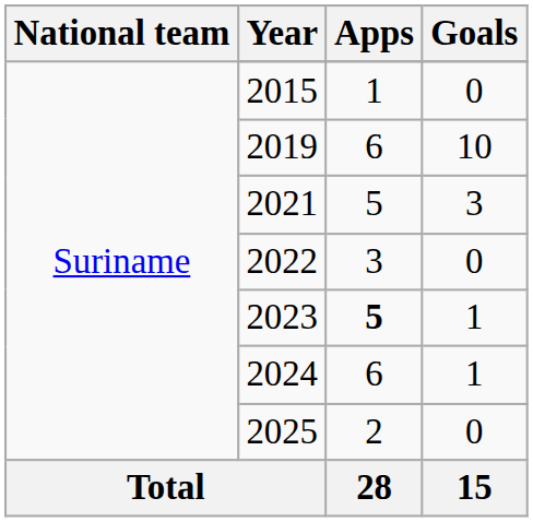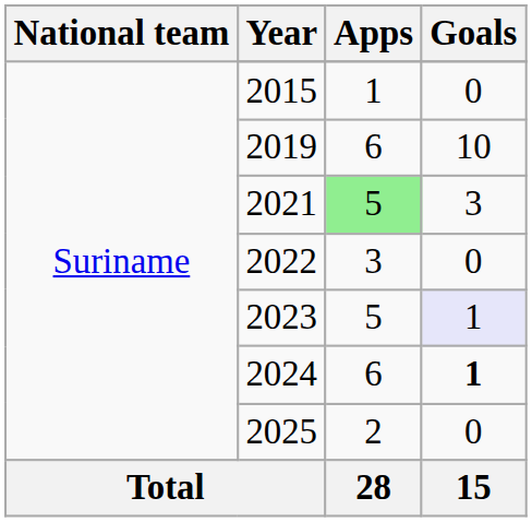 <table class="wikitable" style="text-align:center">
 <tr>
 <th>National team</th>
 <th>Year</th>
 <th>Apps</th>
 <th>Goals</th>
 </tr>
 <tr>
 <td rowspan=8><a href='#'>Suriname</a></td>
 </tr>
 <tr>
 <td>2015</td>
 <td>1</td>
 <td>0</td>
 </tr>
 <tr>
 <td>2019</td>
 <td>6</td>
 <td>10</td>
 </tr>
 <tr>
 <td>2021</td>
-<td>5</td>
+<td style="background: lightgreen;">5</td>
 <td>3</td>
 </tr>
 <tr>
 <td>2022</td>
 <td>3</td>
 <td>0</td>
 </tr>
 <tr>
 <td>2023</td>
-<td><strong>5</strong></td>
-<td>1</td>
+<td>5</td>
+<td style="background: lavender;">1</td>
 </tr>
 <tr>
 <td>2024</td>
 <td>6</td>
-<td>1</td>
+<td><strong>1</strong></td>
 </tr>
 <tr>
 <td>2025</td>
 <td>2</td>
 <td>0</td>
 </tr>
 <tr>
 <th colspan=2>Total</th>
 <th>28</th>
 <th>15</th>
 </tr>
 </table>
